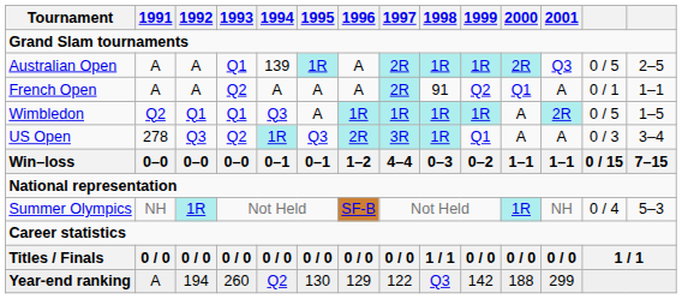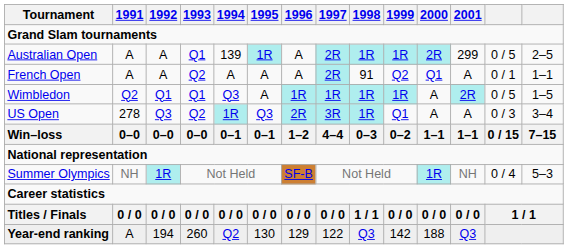 <table class=wikitable style=text-align:center;font-size:89%>
 <tr>
 <th>Tournament</th>
 <th><a href='#'>1991</a></th>
 <th><a href='#'>1992</a></th>
 <th><a href='#'>1993</a></th>
 <th><a href='#'>1994</a></th>
 <th><a href='#'>1995</a></th>
 <th><a href='#'>1996</a></th>
 <th><a href='#'>1997</a></th>
 <th><a href='#'>1998</a></th>
 <th><a href='#'>1999</a></th>
 <th><a href='#'>2000</a></th>
 <th><a href='#'>2001</a></th>
 <th></th>
 <th width=40></th>
 </tr>
 <tr>
 <td colspan="14" style="text-align:left;"><strong>Grand Slam tournaments</strong></td>
 </tr>
 <tr>
 <td align=left><a href='#'>Australian Open</a></td>
 <td>A</td>
 <td>A</td>
 <td><a href='#'>Q1</a></td>
 <td>139</td>
 <td bgcolor="#afeeee"><a href='#'>1R</a></td>
 <td>A</td>
 <td bgcolor="#afeeee"><a href='#'>2R</a></td>
 <td bgcolor="#afeeee"><a href='#'>1R</a></td>
 <td bgcolor="#afeeee"><a href='#'>1R</a></td>
 <td bgcolor="#afeeee"><a href='#'>2R</a></td>
-<td><a href='#'>Q3</a></td>
+<td>299</td>
 <td>0 / 5</td>
 <td>2–5</td>
 </tr>
 <tr>
 <td align=left><a href='#'>French Open</a></td>
 <td>A</td>
 <td>A</td>
 <td><a href='#'>Q2</a></td>
 <td>A</td>
 <td>A</td>
 <td>A</td>
 <td bgcolor="#afeeee"><a href='#'>2R</a></td>
 <td>91</td>
 <td><a href='#'>Q2</a></td>
 <td><a href='#'>Q1</a></td>
 <td>A</td>
 <td>0 / 1</td>
 <td>1–1</td>
 </tr>
 <tr>
 <td align=left><a href='#'>Wimbledon</a></td>
 <td><a href='#'>Q2</a></td>
 <td><a href='#'>Q1</a></td>
 <td><a href='#'>Q1</a></td>
 <td><a href='#'>Q3</a></td>
 <td>A</td>
 <td bgcolor="#afeeee"><a href='#'>1R</a></td>
 <td bgcolor="#afeeee"><a href='#'>1R</a></td>
 <td bgcolor="#afeeee"><a href='#'>1R</a></td>
 <td bgcolor="#afeeee"><a href='#'>1R</a></td>
 <td>A</td>
 <td bgcolor="#afeeee"><a href='#'>2R</a></td>
 <td>0 / 5</td>
 <td>1–5</td>
 </tr>
 <tr>
 <td align=left><a href='#'>US Open</a></td>
 <td>278</td>
 <td><a href='#'>Q3</a></td>
 <td><a href='#'>Q2</a></td>
 <td bgcolor="#afeeee"><a href='#'>1R</a></td>
 <td><a href='#'>Q3</a></td>
 <td bgcolor="#afeeee"><a href='#'>2R</a></td>
 <td bgcolor="#afeeee"><a href='#'>3R</a></td>
 <td bgcolor="#afeeee"><a href='#'>1R</a></td>
 <td><a href='#'>Q1</a></td>
 <td>A</td>
 <td>A</td>
 <td>0 / 3</td>
 <td>3–4</td>
 </tr>
 <tr>
 <th style=text-align:left>Win–loss</th>
 <th>0–0</th>
 <th>0–0</th>
 <th>0–0</th>
 <th>0–1</th>
 <th>0–1</th>
 <th>1–2</th>
 <th>4–4</th>
 <th>0–3</th>
 <th>0–2</th>
 <th>1–1</th>
 <th>1–1</th>
 <th>0 / 15</th>
 <th>7–15</th>
 </tr>
 <tr>
 <td style="text-align:left;" colspan="14"><strong>National representation</strong></td>
 </tr>
 <tr>
 <td align=left><a href='#'>Summer Olympics</a></td>
 <td style=color:#767676>NH</td>
 <td bgcolor="#afeeee"><a href='#'>1R</a></td>
 <td colspan=3 style=color:#767676>Not Held</td>
 <td bgcolor="#cd7f32"><a href='#'>SF-B</a></td>
 <td colspan=3 style=color:#767676>Not Held</td>
 <td bgcolor="#afeeee"><a href='#'>1R</a></td>
 <td style=color:#767676>NH</td>
 <td>0 / 4</td>
 <td>5–3</td>
 </tr>
 <tr>
 <td colspan="14" align="left"><strong>Career statistics</strong></td>
 </tr>
 <tr>
 <th style=text-align:left>Titles / Finals</th>
 <th>0 / 0</th>
 <th>0 / 0</th>
 <th>0 / 0</th>
 <th>0 / 0</th>
 <th>0 / 0</th>
 <th>0 / 0</th>
 <th>0 / 0</th>
 <th>1 / 1</th>
 <th>0 / 0</th>
 <th>0 / 0</th>
 <th>0 / 0</th>
 <th colspan=2>1 / 1</th>
 </tr>
 <tr bgcolor=efefef>
 <td align=left><strong>Year-end ranking</strong></td>
 <td>A</td>
 <td>194</td>
 <td>260</td>
 <td><a href='#'>Q2</a></td>
 <td>130</td>
 <td>129</td>
 <td>122</td>
 <td><a href='#'>Q3</a></td>
 <td>142</td>
 <td>188</td>
-<td>299</td>
+<td><a href='#'>Q3</a></td>
 <td colspan=2></td>
 </tr>
 </table>
